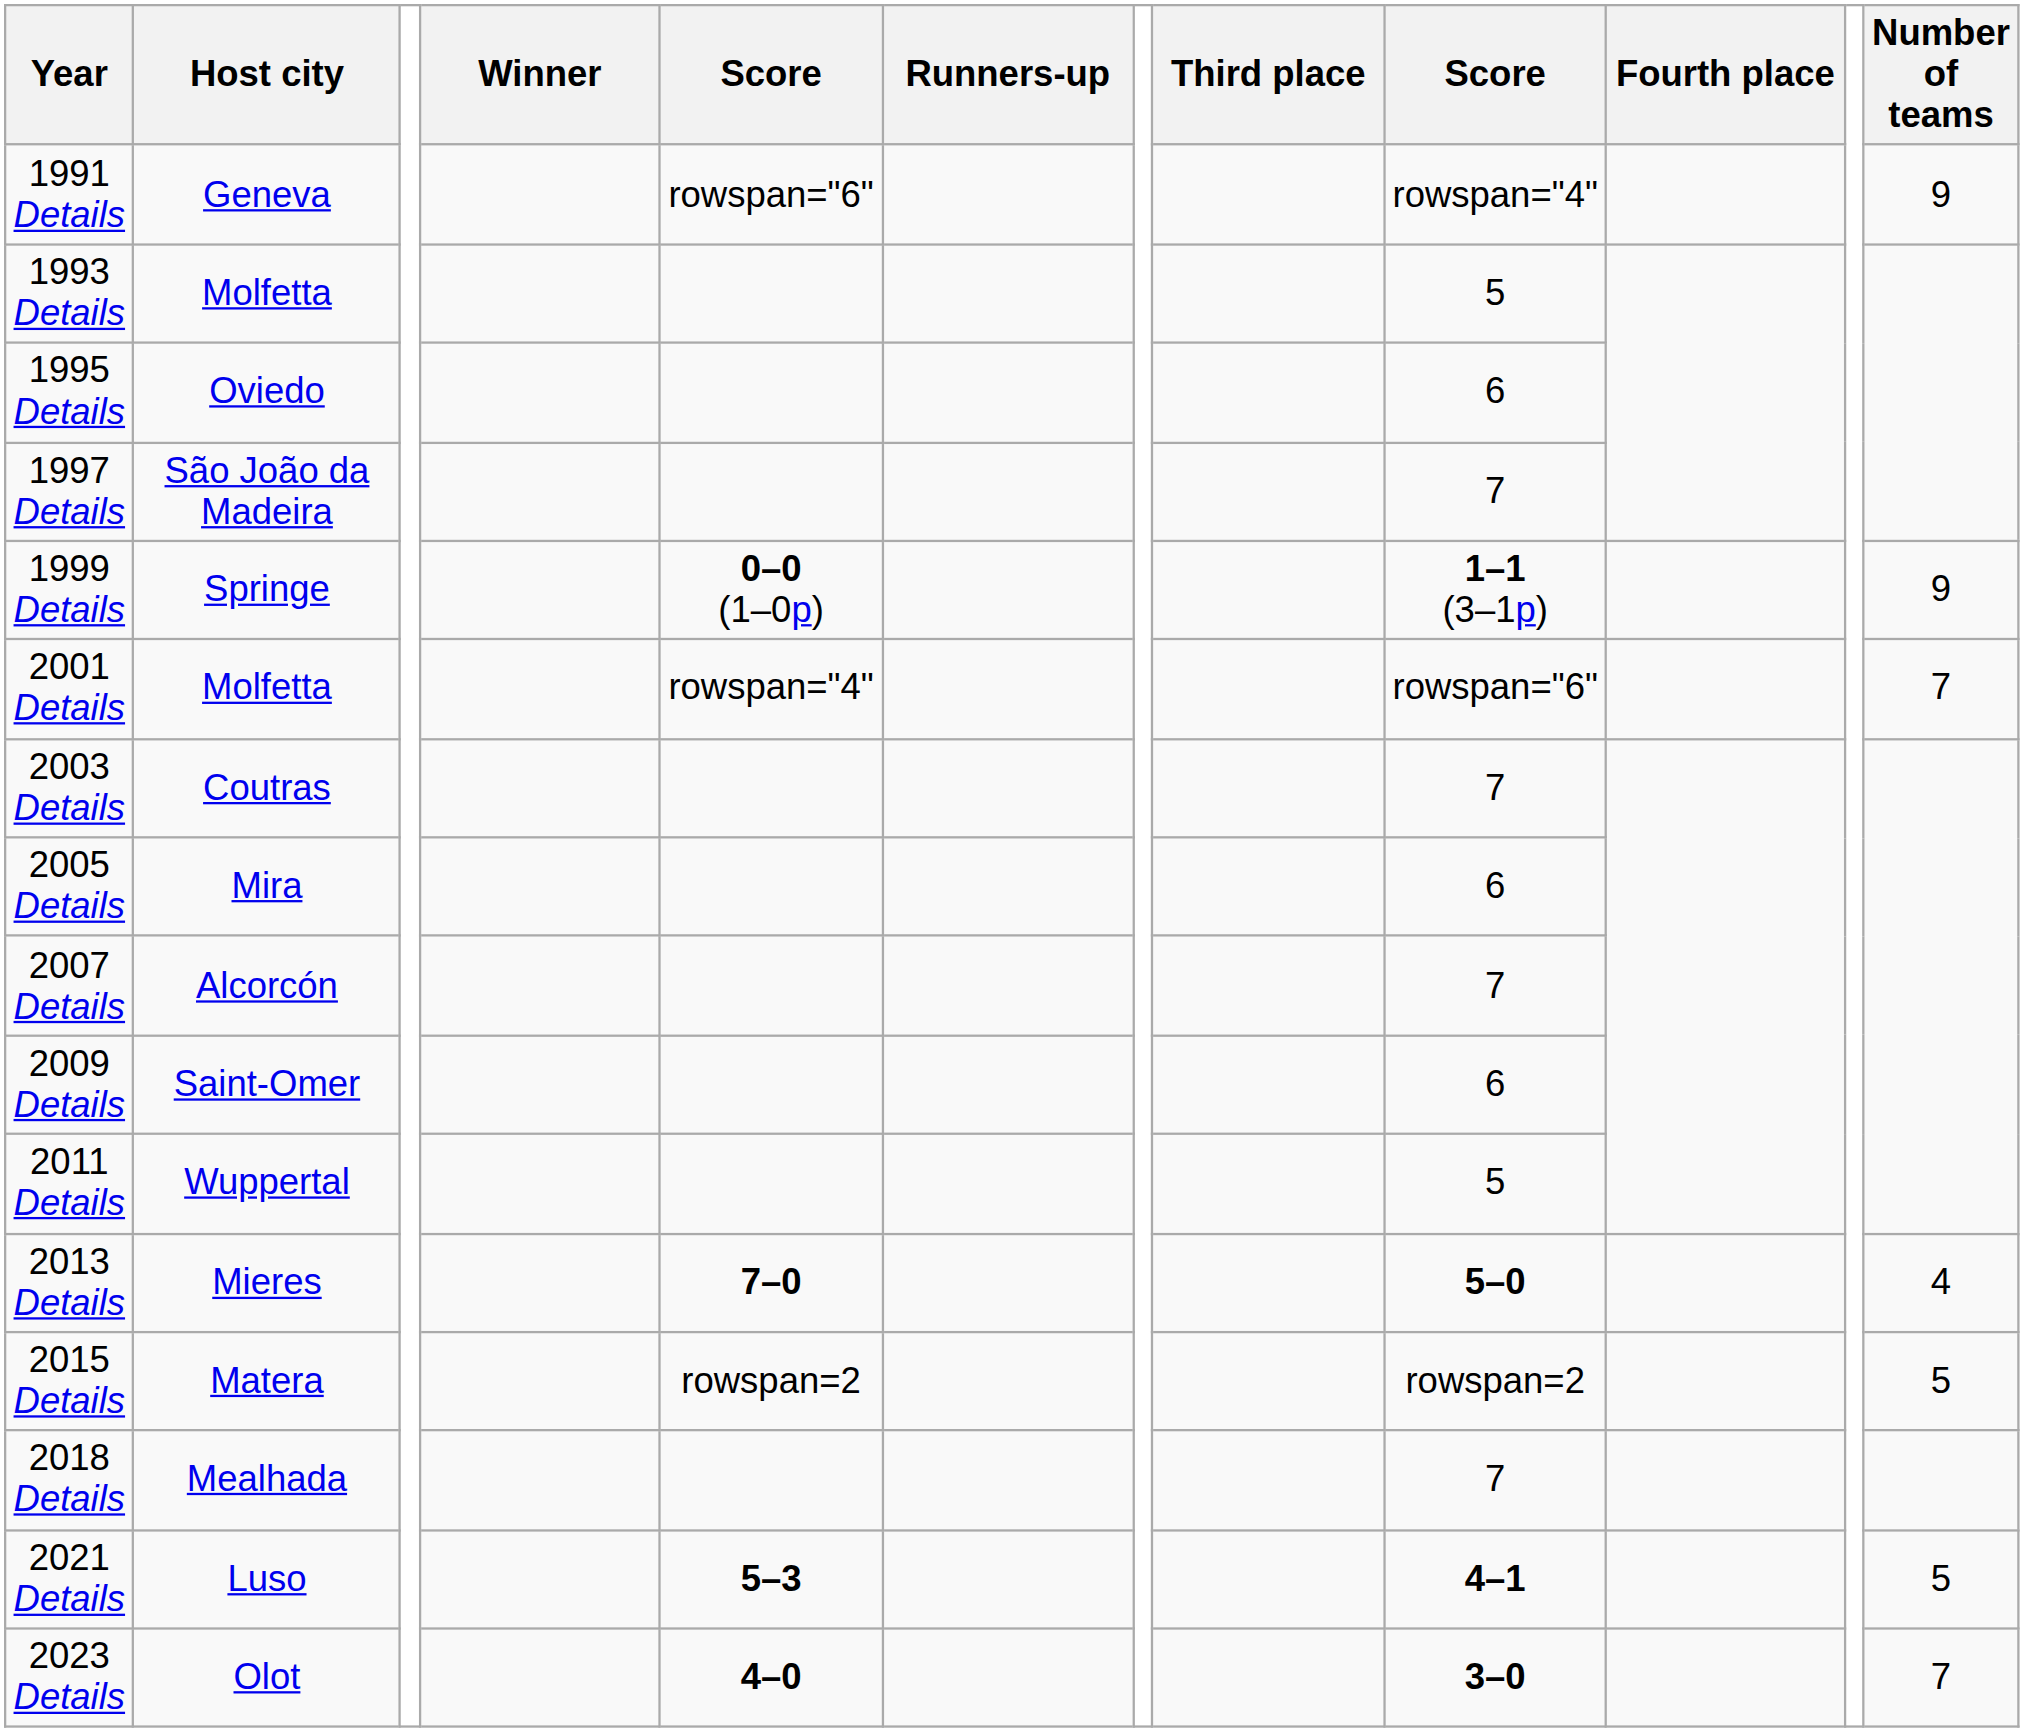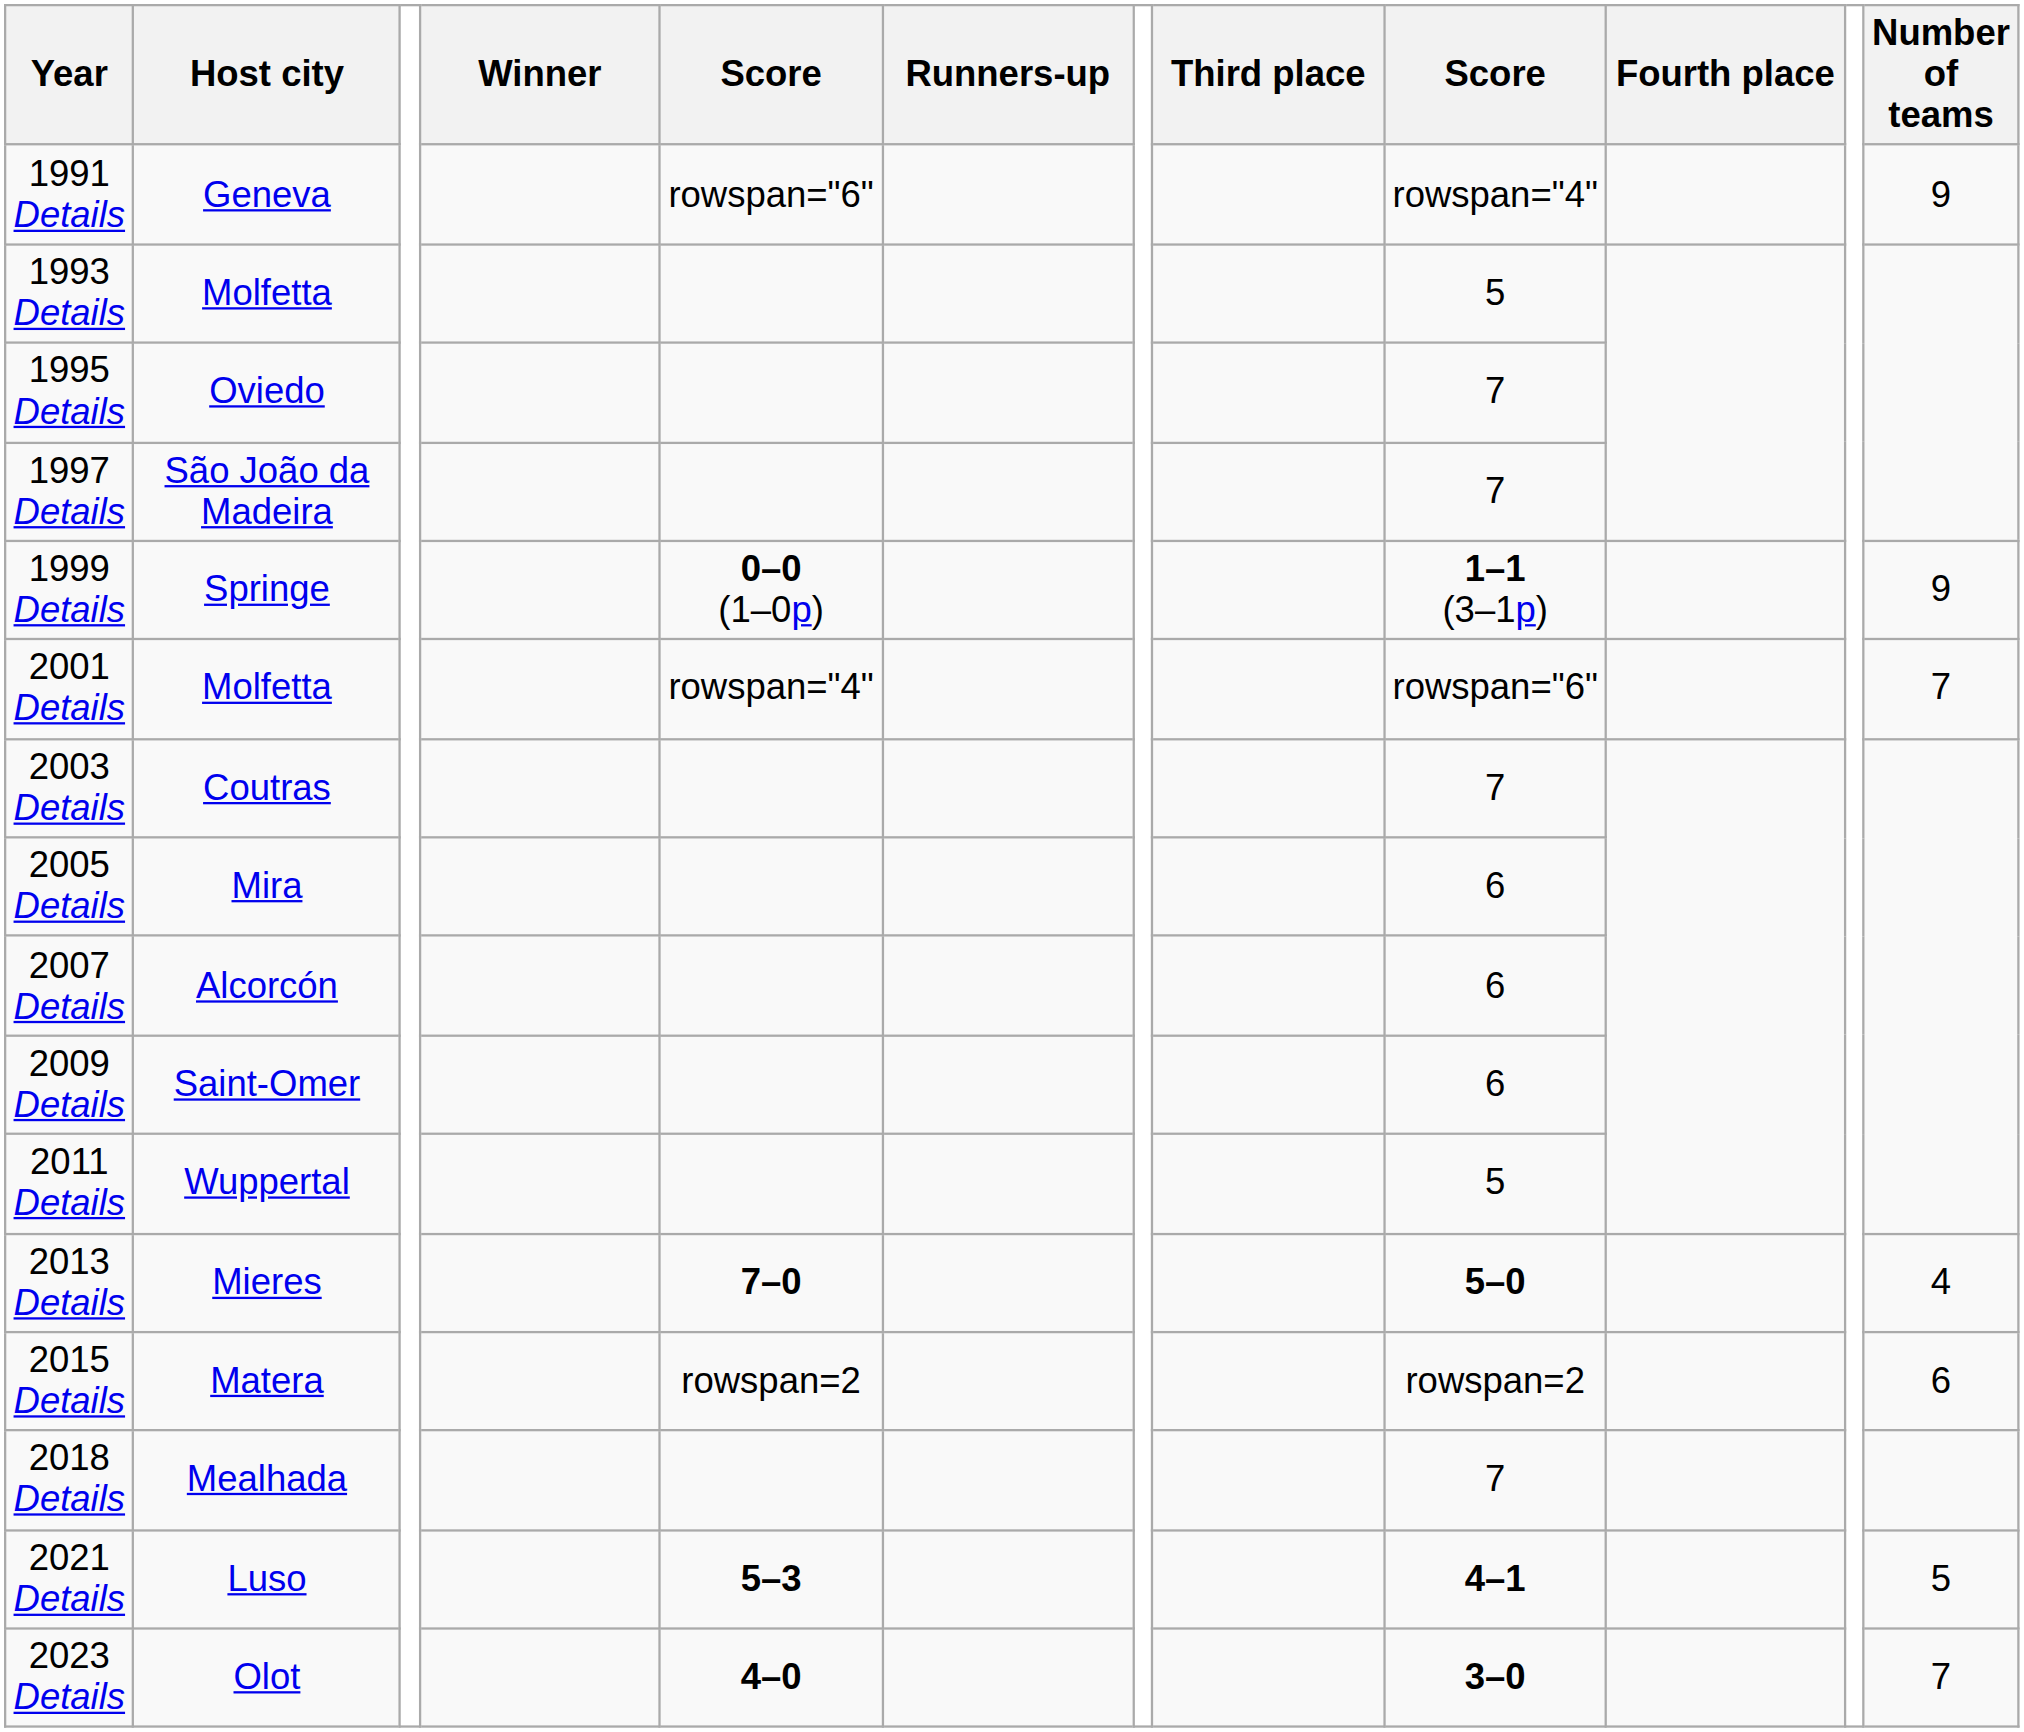 <table class="wikitable" style="text-align:center;width:100%">
 <tr>
 <th width=5%>Year</th>
 <th width=15%>Host city</th>
 <th rowspan="17" style="width:1%;background:#fff"></th>
 <th width=14%>Winner</th>
 <th width=10%>Score</th>
 <th width=14%>Runners-up</th>
 <th rowspan="17" style="width:1%;background:#fff"></th>
 <th width=14%>Third place</th>
 <th width=10%>Score</th>
 <th width=14%>Fourth place</th>
 <th rowspan="17" style="width:1%;background:#fff"></th>
 <th width=4%>Number of teams</th>
 </tr>
 <tr>
 <td>1991<br> <em><a href='#'>Details</a></em></td>
 <td> <a href='#'>Geneva</a></td>
 <td><strong></strong></td>
 <td>rowspan="6" </td>
 <td></td>
 <td></td>
 <td>rowspan="4" </td>
 <td></td>
 <td>9</td>
 </tr>
 <tr>
 <td>1993<br> <em><a href='#'>Details</a></em></td>
 <td> <a href='#'>Molfetta</a></td>
 <td><strong></strong></td>
 <td></td>
 <td></td>
 <td></td>
 <td>5</td>
 </tr>
 <tr>
 <td>1995<br> <em><a href='#'>Details</a></em></td>
 <td> <a href='#'>Oviedo</a></td>
 <td><strong></strong></td>
 <td></td>
 <td></td>
 <td></td>
-<td>6</td>
+<td>7</td>
 </tr>
 <tr>
 <td>1997<br> <em><a href='#'>Details</a></em></td>
 <td> <a href='#'>São João da Madeira</a></td>
 <td><strong></strong></td>
 <td></td>
 <td></td>
 <td></td>
 <td>7</td>
 </tr>
 <tr>
 <td>1999<br> <em><a href='#'>Details</a></em></td>
 <td> <a href='#'>Springe</a></td>
 <td><strong></strong></td>
 <td><strong>0–0</strong> <br>(1–0<a href='#'>p</a>)</td>
 <td></td>
 <td></td>
 <td><strong>1–1</strong> <br>(3–1<a href='#'>p</a>)</td>
 <td></td>
 <td>9</td>
 </tr>
 <tr>
 <td>2001<br> <em><a href='#'>Details</a></em></td>
 <td> <a href='#'>Molfetta</a></td>
 <td><strong></strong></td>
 <td>rowspan="4" </td>
 <td></td>
 <td></td>
 <td>rowspan="6" </td>
 <td></td>
 <td>7</td>
 </tr>
 <tr>
 <td>2003<br> <em><a href='#'>Details</a></em></td>
 <td> <a href='#'>Coutras</a></td>
 <td><strong></strong></td>
 <td></td>
 <td></td>
 <td></td>
 <td>7</td>
 </tr>
 <tr>
 <td>2005<br> <em><a href='#'>Details</a></em></td>
 <td> <a href='#'>Mira</a></td>
 <td><strong></strong></td>
 <td></td>
 <td></td>
 <td></td>
 <td>6</td>
 </tr>
 <tr>
 <td>2007<br> <em><a href='#'>Details</a></em></td>
 <td> <a href='#'>Alcorcón</a></td>
 <td><strong></strong></td>
 <td></td>
 <td></td>
 <td></td>
-<td>7</td>
+<td>6</td>
 </tr>
 <tr>
 <td>2009<br> <em><a href='#'>Details</a></em></td>
 <td> <a href='#'>Saint-Omer</a></td>
 <td><strong></strong></td>
 <td></td>
 <td></td>
 <td></td>
 <td>6</td>
 </tr>
 <tr>
 <td>2011<br> <em><a href='#'>Details</a></em></td>
 <td> <a href='#'>Wuppertal</a></td>
 <td><strong></strong></td>
 <td></td>
 <td></td>
 <td></td>
 <td>5</td>
 </tr>
 <tr>
 <td>2013<br> <em><a href='#'>Details</a></em></td>
 <td> <a href='#'>Mieres</a></td>
 <td><strong></strong></td>
 <td><strong>7–0</strong></td>
 <td></td>
 <td></td>
 <td><strong>5–0</strong></td>
 <td></td>
 <td>4</td>
 </tr>
 <tr>
 <td>2015<br> <em><a href='#'>Details</a></em></td>
 <td> <a href='#'>Matera</a></td>
 <td><strong></strong></td>
 <td>rowspan=2 </td>
 <td></td>
 <td></td>
 <td>rowspan=2 </td>
 <td></td>
-<td>5</td>
+<td>6</td>
 </tr>
 <tr>
 <td>2018<br> <em><a href='#'>Details</a></em></td>
 <td> <a href='#'>Mealhada</a></td>
 <td><strong></strong></td>
 <td></td>
 <td></td>
 <td></td>
 <td>7</td>
 </tr>
 <tr>
 <td>2021<br> <em><a href='#'>Details</a></em></td>
 <td> <a href='#'>Luso</a></td>
 <td><strong></strong></td>
 <td><strong>5–3</strong></td>
 <td></td>
 <td></td>
 <td><strong>4–1</strong></td>
 <td></td>
 <td>5</td>
 </tr>
 <tr>
 <td>2023<br> <em><a href='#'>Details</a></em></td>
 <td> <a href='#'>Olot</a></td>
 <td><strong></strong></td>
 <td><strong>4–0</strong></td>
 <td></td>
 <td></td>
 <td><strong>3–0</strong></td>
 <td></td>
 <td>7</td>
 </tr>
 </table>
